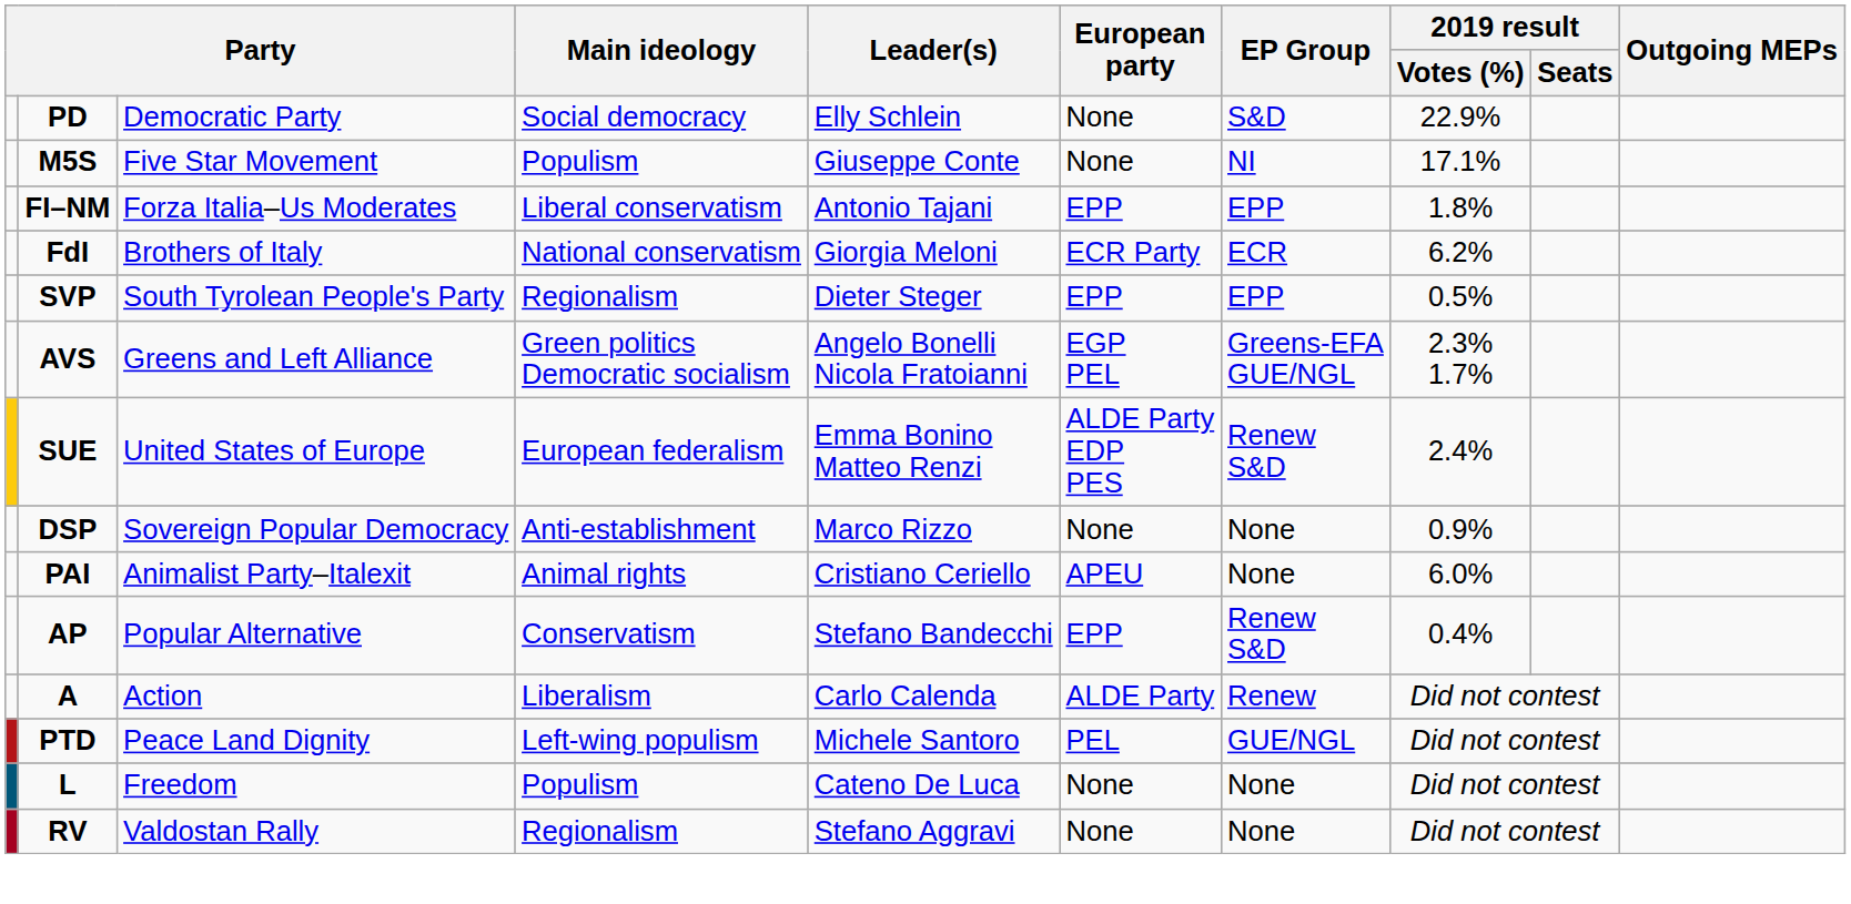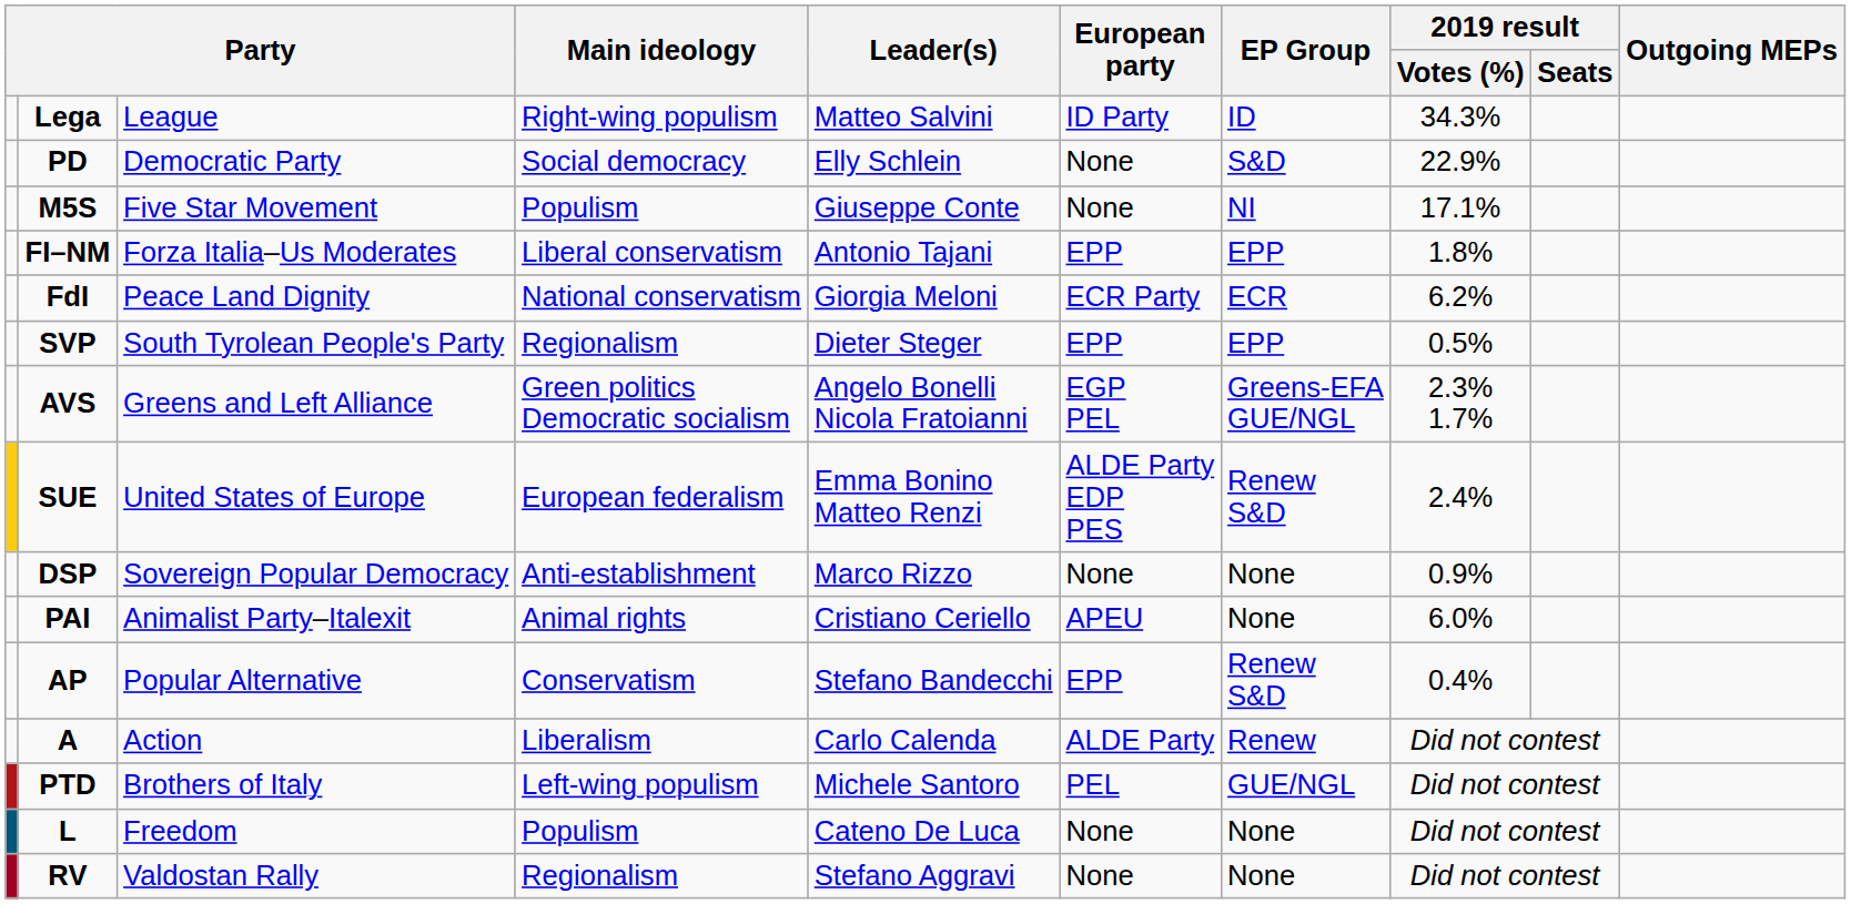 <table class=wikitable style=text-align:left>
 <tr>
 <th rowspan="2" colspan="3">Party</th>
 <th rowspan="2">Main ideology</th>
 <th rowspan="2">Leader(s)</th>
 <th rowspan="2">European<br>party</th>
 <th rowspan="2">EP Group</th>
 <th colspan="2">2019 result</th>
 <th rowspan="2">Outgoing MEPs</th>
 </tr>
 <tr>
 <th>Votes (%)</th>
 <th>Seats</th>
+</tr>
+<tr>
+<td style="background:"></td>
+<td style="text-align:center;"><strong>Lega</strong></td>
+<td><a href='#'>League</a></td>
+<td><a href='#'>Right-wing populism</a></td>
+<td><a href='#'>Matteo Salvini</a></td>
+<td><a href='#'>ID Party</a></td>
+<td><a href='#'>ID</a></td>
+<td style="text-align:center;">34.3%</td>
+<td></td>
+<td></td>
 </tr>
 <tr>
 <td style="background:"></td>
 <td style="text-align:center;"><strong>PD</strong></td>
 <td><a href='#'>Democratic Party</a><br></td>
 <td><a href='#'>Social democracy</a></td>
 <td><a href='#'>Elly Schlein</a></td>
 <td>None</td>
 <td><a href='#'>S&D</a></td>
 <td style="text-align:center;">22.9%</td>
 <td></td>
 <td></td>
 </tr>
 <tr>
 <td style="background:"></td>
 <td style="text-align:center;"><strong>M5S</strong></td>
 <td><a href='#'>Five Star Movement</a></td>
 <td><a href='#'>Populism</a></td>
 <td><a href='#'>Giuseppe Conte</a></td>
 <td>None</td>
 <td><a href='#'>NI</a></td>
 <td style="text-align:center;">17.1%</td>
 <td></td>
 <td></td>
 </tr>
 <tr>
 <td style="background:"></td>
 <td style="text-align:center;"><strong>FI–NM</strong></td>
 <td><a href='#'>Forza Italia</a>–<a href='#'>Us Moderates</a><br></td>
 <td><a href='#'>Liberal conservatism</a></td>
 <td><a href='#'>Antonio Tajani</a></td>
 <td><a href='#'>EPP</a></td>
 <td><a href='#'>EPP</a></td>
 <td style="text-align:center;">1.8%</td>
 <td></td>
 <td></td>
 </tr>
 <tr>
 <td style="background:"></td>
 <td style="text-align:center;"><strong>FdI</strong></td>
-<td><a href='#'>Brothers of Italy</a><br></td>
+<td><a href='#'>Peace Land Dignity</a><br></td>
 <td><a href='#'>National conservatism</a></td>
 <td><a href='#'>Giorgia Meloni</a></td>
 <td><a href='#'>ECR Party</a></td>
 <td><a href='#'>ECR</a></td>
 <td style="text-align:center;">6.2%</td>
 <td></td>
 <td></td>
 </tr>
 <tr>
 <td style="background:"></td>
 <td style="text-align:center;"><strong>SVP</strong></td>
 <td><a href='#'>South Tyrolean People's Party</a><br></td>
 <td><a href='#'>Regionalism</a></td>
 <td><a href='#'>Dieter Steger</a></td>
 <td><a href='#'>EPP</a></td>
 <td><a href='#'>EPP</a></td>
 <td style="text-align:center;">0.5%</td>
 <td></td>
 <td></td>
 </tr>
 <tr>
 <td style="background:"></td>
 <td style="text-align:center;"><strong>AVS</strong></td>
 <td><a href='#'>Greens and Left Alliance</a></td>
 <td><a href='#'>Green politics</a><br><a href='#'>Democratic socialism</a></td>
 <td><a href='#'>Angelo Bonelli</a><br><a href='#'>Nicola Fratoianni</a></td>
 <td><a href='#'>EGP</a><br><a href='#'>PEL</a></td>
 <td><a href='#'>Greens-EFA</a><br><a href='#'>GUE/NGL</a></td>
 <td style="text-align:center;">2.3%<br>1.7%</td>
 <td></td>
 <td></td>
 </tr>
 <tr>
 <td bgcolor="#FDCB0B"></td>
 <td style="text-align:center;"><strong>SUE</strong></td>
 <td><a href='#'>United States of Europe</a><br></td>
 <td><a href='#'>European federalism</a></td>
 <td><a href='#'>Emma Bonino</a><br><a href='#'>Matteo Renzi</a></td>
 <td><a href='#'>ALDE Party</a><br><a href='#'>EDP</a><br><a href='#'>PES</a></td>
 <td><a href='#'>Renew</a><br><a href='#'>S&D</a></td>
 <td style="text-align:center;">2.4%</td>
 <td></td>
 <td></td>
 </tr>
 <tr>
 <td></td>
 <td style="text-align:center;"><strong>DSP</strong></td>
 <td><a href='#'>Sovereign Popular Democracy</a></td>
 <td><a href='#'>Anti-establishment</a></td>
 <td><a href='#'>Marco Rizzo</a></td>
 <td>None</td>
 <td>None</td>
 <td align="center">0.9%</td>
 <td></td>
 <td></td>
 </tr>
 <tr>
 <td></td>
 <td style="text-align:center;"><strong>PAI</strong></td>
 <td><a href='#'>Animalist Party</a>–<a href='#'>Italexit</a><br></td>
 <td><a href='#'>Animal rights</a></td>
 <td><a href='#'>Cristiano Ceriello</a></td>
 <td><a href='#'>APEU</a></td>
 <td>None</td>
 <td style="text-align:center;">6.0%</td>
 <td></td>
 <td></td>
 </tr>
 <tr>
 <td></td>
 <td style="text-align:center;"><strong>AP</strong></td>
 <td><a href='#'>Popular Alternative</a><br></td>
 <td><a href='#'>Conservatism</a></td>
 <td><a href='#'>Stefano Bandecchi</a></td>
 <td><a href='#'>EPP</a></td>
 <td><a href='#'>Renew</a><br><a href='#'>S&D</a></td>
 <td style="text-align:center;">0.4%</td>
 <td></td>
 <td></td>
 </tr>
 <tr>
 <td></td>
 <td style="text-align:center;"><strong>A</strong></td>
 <td><a href='#'>Action</a><br></td>
 <td><a href='#'>Liberalism</a></td>
 <td><a href='#'>Carlo Calenda</a></td>
 <td><a href='#'>ALDE Party</a></td>
 <td><a href='#'>Renew</a></td>
 <td colspan="2" align="center"><em>Did not contest</em></td>
 <td></td>
 </tr>
 <tr>
 <td style="background:#B41317"></td>
 <td style="text-align:center;"><strong>PTD</strong></td>
-<td><a href='#'>Peace Land Dignity</a><br></td>
+<td><a href='#'>Brothers of Italy</a><br></td>
 <td><a href='#'>Left-wing populism</a></td>
 <td><a href='#'>Michele Santoro</a></td>
 <td><a href='#'>PEL</a></td>
 <td><a href='#'>GUE/NGL</a></td>
 <td colspan="2" align="center"><em>Did not contest</em></td>
 <td></td>
 </tr>
 <tr>
 <td style="background:#005779"></td>
 <td style="text-align:center;"><strong>L</strong></td>
 <td><a href='#'>Freedom</a><br></td>
 <td><a href='#'>Populism</a></td>
 <td><a href='#'>Cateno De Luca</a></td>
 <td>None</td>
 <td>None</td>
 <td colspan="2" align="center"><em>Did not contest</em></td>
 <td></td>
 </tr>
 <tr>
 <td style="background:#A50021"></td>
 <td style="text-align:center;"><strong>RV</strong></td>
 <td><a href='#'>Valdostan Rally</a><br></td>
 <td><a href='#'>Regionalism</a></td>
 <td><a href='#'>Stefano Aggravi</a></td>
 <td>None</td>
 <td>None</td>
 <td colspan="2" align="center"><em>Did not contest</em></td>
 <td></td>
 </tr>
 </table>
